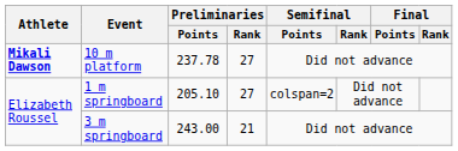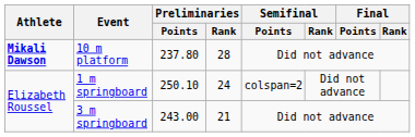 <table class="wikitable" style="text-align:center; font-size:90%; width:50%;">
 <tr>
 <th rowspan=2>Athlete</th>
 <th rowspan=2>Event</th>
 <th colspan=2>Preliminaries</th>
 <th colspan=2>Semifinal</th>
 <th colspan=2>Final</th>
 </tr>
 <tr style="font-size:95%">
 <th>Points</th>
 <th>Rank</th>
 <th>Points</th>
 <th>Rank</th>
 <th>Points</th>
 <th>Rank</th>
 </tr>
 <tr>
 <td align=left><strong><a href='#'>Mikali Dawson</a></strong></td>
 <td align=left><a href='#'>10 m platform</a></td>
-<td>237.78</td>
-<td>27</td>
+<td>237.80</td>
+<td>28</td>
 <td colspan=4>Did not advance</td>
 </tr>
 <tr>
 <td align=left rowspan=2><a href='#'>Elizabeth Roussel</a></td>
 <td align=left><a href='#'>1 m springboard</a></td>
-<td>205.10</td>
-<td>27</td>
+<td>250.10</td>
+<td>24</td>
 <td>colspan=2 </td>
 <td colspan=2>Did not advance</td>
 </tr>
 <tr>
 <td align=left><a href='#'>3 m springboard</a></td>
 <td>243.00</td>
 <td>21</td>
 <td colspan="4">Did not advance</td>
 </tr>
 </table>
